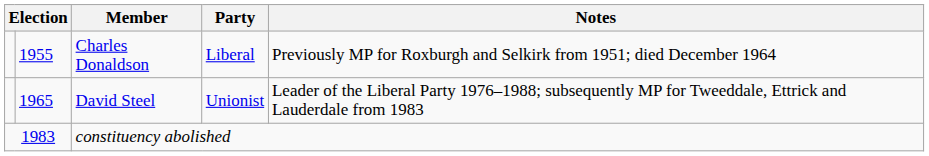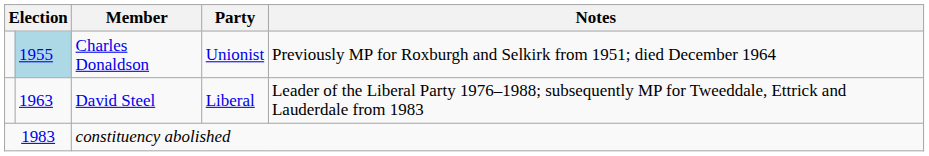 <table class="wikitable">
 <tr>
 <th colspan="2">Election</th>
 <th>Member</th>
 <th>Party</th>
 <th>Notes</th>
 </tr>
 <tr>
 <td style="color:inherit;background-color: "></td>
-<td><a href='#'>1955</a></td>
+<td style="background: lightblue;"><a href='#'>1955</a></td>
 <td><a href='#'>Charles Donaldson</a></td>
-<td><a href='#'>Liberal</a></td>
+<td><a href='#'>Unionist</a></td>
 <td>Previously MP for Roxburgh and Selkirk from 1951; died December 1964</td>
 </tr>
 <tr>
 <td style="color:inherit;background-color: "></td>
-<td><a href='#'>1965</a></td>
+<td><a href='#'>1963</a></td>
 <td><a href='#'>David Steel</a></td>
-<td><a href='#'>Unionist</a></td>
+<td><a href='#'>Liberal</a></td>
 <td>Leader of the Liberal Party 1976–1988; subsequently MP for Tweeddale, Ettrick and Lauderdale from 1983</td>
 </tr>
 <tr>
 <td colspan="2" align="center"><a href='#'>1983</a></td>
 <td colspan="3"><em>constituency abolished</em></td>
 </tr>
 </table>
